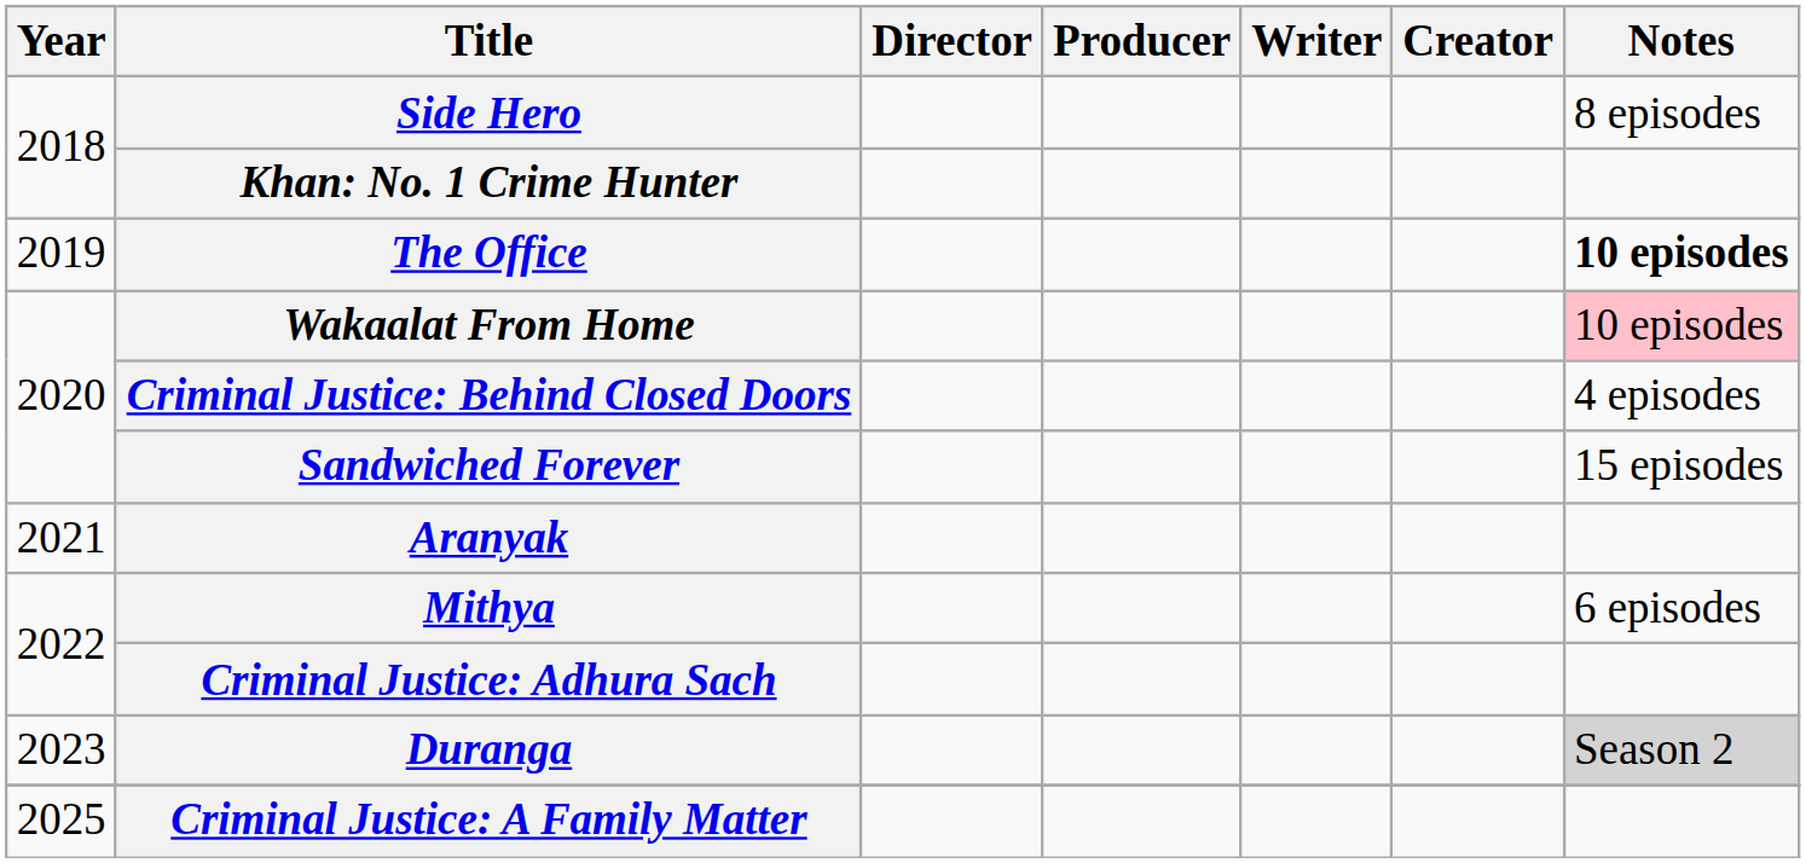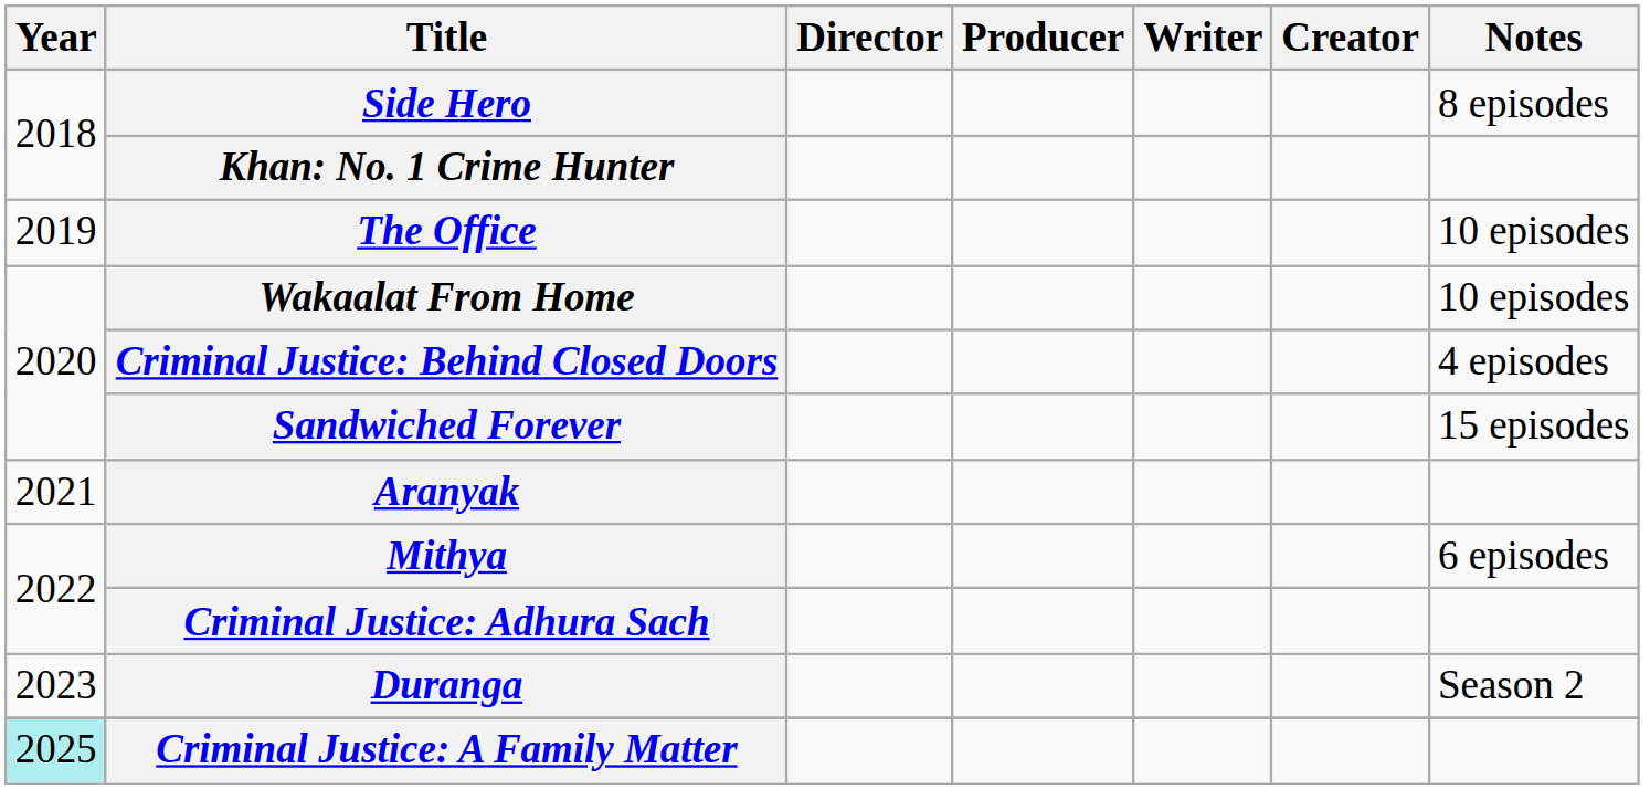 <table class="wikitable plainrowheaders sortable">
 <tr>
 <th>Year</th>
 <th>Title</th>
 <th>Director</th>
 <th>Producer</th>
 <th>Writer</th>
 <th>Creator</th>
 <th>Notes</th>
 </tr>
 <tr>
 <td style="text-align:center;"  rowspan=2>2018</td>
 <th scope="row"><em><a href='#'>Side Hero</a></em></th>
 <td></td>
 <td></td>
 <td></td>
 <td></td>
 <td>8 episodes</td>
 </tr>
 <tr>
 <th scope="row"><em>Khan: No. 1 Crime Hunter</em></th>
 <td></td>
 <td></td>
 <td></td>
 <td></td>
 <td></td>
 </tr>
 <tr>
 <td style="text-align:center;">2019</td>
 <th scope="row"><em><a href='#'>The Office</a></em></th>
 <td></td>
 <td></td>
 <td></td>
 <td></td>
-<td><strong>10 episodes</strong></td>
+<td>10 episodes</td>
 </tr>
 <tr>
 <td style="text-align:center;"  rowspan=3>2020</td>
 <th scope="row"><em>Wakaalat From Home</em></th>
 <td></td>
 <td></td>
 <td></td>
 <td></td>
-<td style="background: pink;">10 episodes</td>
+<td>10 episodes</td>
 </tr>
 <tr>
 <th scope="row"><em><a href='#'>Criminal Justice: Behind Closed Doors</a></em></th>
 <td></td>
 <td></td>
 <td></td>
 <td></td>
 <td>4 episodes</td>
 </tr>
 <tr>
 <th scope="row"><em><a href='#'>Sandwiched Forever</a></em></th>
 <td></td>
 <td></td>
 <td></td>
 <td></td>
 <td>15 episodes</td>
 </tr>
 <tr>
 <td style="text-align:center;">2021</td>
 <th scope="row"><em><a href='#'>Aranyak</a></em></th>
 <td></td>
 <td></td>
 <td></td>
 <td></td>
 <td> </td>
 </tr>
 <tr>
 <td style="text-align:center;" rowspan=2>2022</td>
 <th scope="row"><em><a href='#'>Mithya</a></em></th>
 <td></td>
 <td></td>
 <td></td>
 <td></td>
 <td>6 episodes</td>
 </tr>
 <tr>
 <th scope="row"><em><a href='#'>Criminal Justice: Adhura Sach</a></em> </th>
 <td></td>
 <td></td>
 <td></td>
 <td></td>
 <td></td>
 </tr>
 <tr>
 <td style="text-align:center;">2023</td>
 <th scope="row"><em><a href='#'>Duranga</a></em></th>
 <td></td>
 <td></td>
 <td></td>
 <td></td>
-<td style="background: lightgrey;">Season 2</td>
+<td>Season 2</td>
 </tr>
 <tr>
 </tr>
 <tr>
-<td style="text-align:center;">2025</td>
+<td style="background: paleturquoise; text-align:center;">2025</td>
 <th scope="row"><em><a href='#'>Criminal Justice: A Family Matter</a></em></th>
 <td></td>
 <td></td>
 <td></td>
 <td></td>
 <td></td>
 </tr>
 </table>
